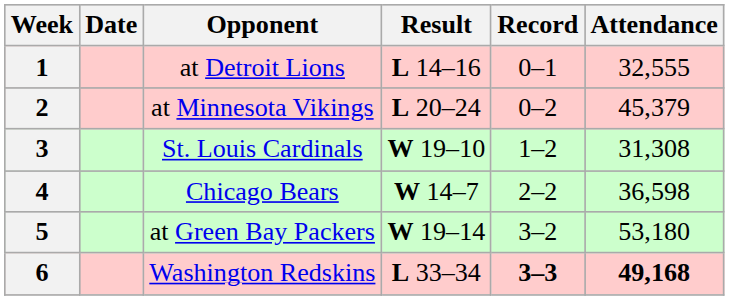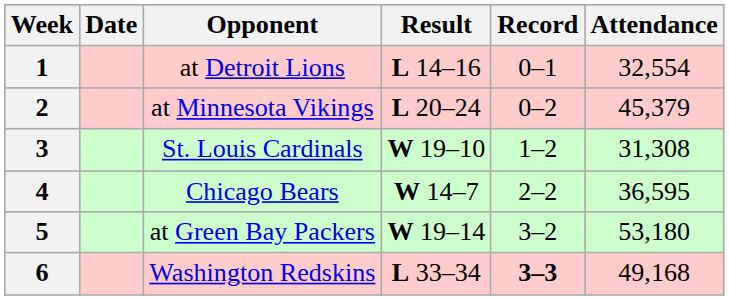 <table class="wikitable" style="text-align:center">
 <tr>
 <th>Week</th>
 <th>Date</th>
 <th>Opponent</th>
 <th>Result</th>
 <th>Record</th>
 <th>Attendance</th>
 </tr>
 <tr style="background:#fcc">
 <th>1</th>
 <td></td>
 <td>at <a href='#'>Detroit Lions</a></td>
 <td><strong>L</strong> 14–16</td>
 <td>0–1</td>
-<td>32,555</td>
+<td>32,554</td>
 </tr>
 <tr style="background:#fcc">
 <th>2</th>
 <td></td>
 <td>at <a href='#'>Minnesota Vikings</a></td>
 <td><strong>L</strong> 20–24</td>
 <td>0–2</td>
 <td>45,379</td>
 </tr>
 <tr style="background:#cfc">
 <th>3</th>
 <td></td>
 <td><a href='#'>St. Louis Cardinals</a></td>
 <td><strong>W</strong> 19–10</td>
 <td>1–2</td>
 <td>31,308</td>
 </tr>
 <tr style="background:#cfc">
 <th>4</th>
 <td></td>
 <td><a href='#'>Chicago Bears</a></td>
 <td><strong>W</strong> 14–7</td>
 <td>2–2</td>
-<td>36,598</td>
+<td>36,595</td>
 </tr>
 <tr style="background:#cfc">
 <th>5</th>
 <td></td>
 <td>at <a href='#'>Green Bay Packers</a></td>
 <td><strong>W</strong> 19–14</td>
 <td>3–2</td>
 <td>53,180</td>
 </tr>
 <tr style="background:#fcc">
 <th>6</th>
 <td></td>
 <td><a href='#'>Washington Redskins</a></td>
 <td><strong>L</strong> 33–34</td>
 <td><strong>3–3</strong></td>
-<td><strong>49,168</strong></td>
+<td>49,168</td>
 </tr>
 </table>
